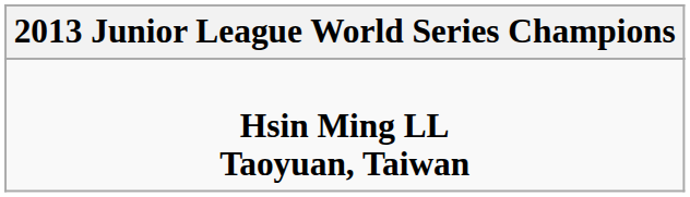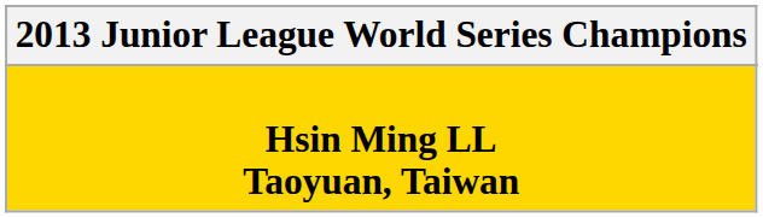 <table class="wikitable" style="text-align: center; margin: 0 auto;">
 <tr>
 <th>2013 Junior League World Series Champions</th>
 </tr>
 <tr>
 </tr>
 <tr>
-<td><br><strong>Hsin Ming LL</strong><br><strong>Taoyuan, Taiwan</strong></td>
+<td style="background: gold;"><br><strong>Hsin Ming LL</strong><br><strong>Taoyuan, Taiwan</strong></td>
 </tr>
 </table>
